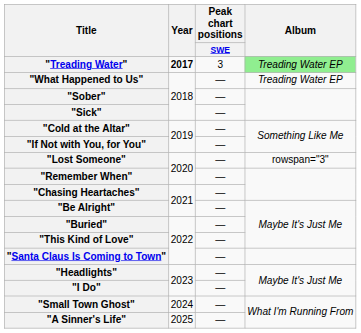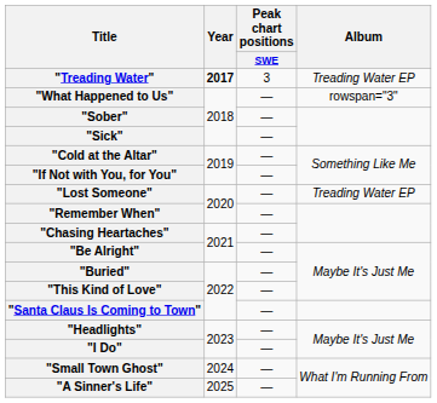 <table class="wikitable plainrowheaders" style="text-align:center;">
 <tr>
 <th scope="col" rowspan="2">Title</th>
 <th scope="col" rowspan="2">Year</th>
 <th scope="col" colspan="1">Peak chart positions</th>
 <th scope="col" rowspan="2">Album</th>
 </tr>
 <tr>
 <th scope="col" style="width:3em;font-size:85%;"><a href='#'>SWE</a><br></th>
 </tr>
 <tr>
 <th scope="row">"<a href='#'>Treading Water</a>"</th>
 <td><strong>2017</strong></td>
 <td>3</td>
-<td style="background: lightgreen;"><em>Treading Water EP</em></td>
+<td><em>Treading Water EP</em></td>
 </tr>
 <tr>
 <th scope="row">"What Happened to Us"</th>
 <td rowspan="3">2018</td>
 <td>—</td>
-<td><em>Treading Water EP</em></td>
+<td>rowspan="3" </td>
 </tr>
 <tr>
 <th scope="row">"Sober"</th>
 <td>—</td>
 </tr>
 <tr>
 <th scope="row">"Sick"</th>
 <td>—</td>
 </tr>
 <tr>
 <th scope="row">"Cold at the Altar"</th>
 <td rowspan="2">2019</td>
 <td>—</td>
 <td rowspan="2"><em>Something Like Me</em></td>
 </tr>
 <tr>
 <th scope="row">"If Not with You, for You"</th>
 <td>—</td>
 </tr>
 <tr>
 <th scope="row">"Lost Someone"</th>
 <td rowspan="2">2020</td>
 <td>—</td>
-<td>rowspan="3" </td>
+<td><em>Treading Water EP</em></td>
 </tr>
 <tr>
 <th scope="row">"Remember When"</th>
 <td>—</td>
 </tr>
 <tr>
 <th scope="row">"Chasing Heartaches"</th>
 <td rowspan="2">2021</td>
 <td>—</td>
 </tr>
 <tr>
 <th scope="row">"Be Alright"</th>
 <td>—</td>
 <td rowspan="3"><em>Maybe It's Just Me</em></td>
 </tr>
 <tr>
 <th scope="row">"Buried"</th>
 <td rowspan="3">2022</td>
 <td>—</td>
 </tr>
 <tr>
 <th scope="row">"This Kind of Love"</th>
 <td>—</td>
 </tr>
 <tr>
 <th scope="row">"<a href='#'>Santa Claus Is Coming to Town</a>"</th>
 <td>—</td>
 <td></td>
 </tr>
 <tr>
 <th scope="row">"Headlights"</th>
 <td rowspan="2">2023</td>
 <td>—</td>
 <td rowspan="2"><em>Maybe It's Just Me</em></td>
 </tr>
 <tr>
 <th scope="row">"I Do"</th>
 <td>—</td>
 </tr>
 <tr>
 <th scope="row">"Small Town Ghost"</th>
 <td>2024</td>
 <td>—</td>
 <td rowspan="2"><em>What I'm Running From</em></td>
 </tr>
 <tr>
 <th scope="row">"A Sinner's Life"</th>
 <td>2025</td>
 <td>—</td>
 </tr>
 </table>
